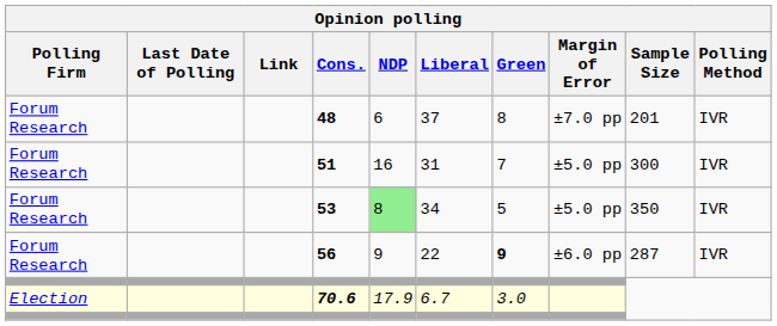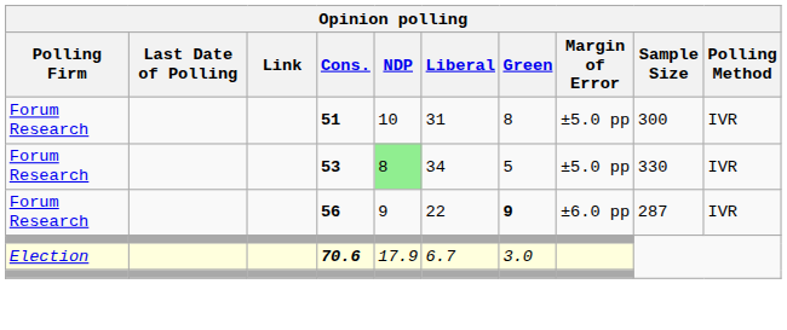 <table class="wikitable collapsible sortable collapsed">
 <tr style="background:#e9e9e9;">
 <th style="width:640px,;" colspan="10">Opinion polling</th>
 </tr>
 <tr style="background:#e9e9e9;">
 <th style="width:110px">Polling Firm</th>
 <th style="width:110px">Last Date<br>of Polling</th>
 <th style="width:60px" class="unsortable">Link</th>
 <th style="background-color:"><a href='#'>Cons.</a></th>
 <th style="background-color:"><a href='#'>NDP</a></th>
 <th style="background-color:"><a href='#'>Liberal</a></th>
 <th style="background-color:"><a href='#'>Green</a></th>
 <th style="width:60px;" class=unsortable>Margin<br>of Error</th>
 <th style="width:50px;" class=unsortable>Sample<br>Size</th>
 <th class=unsortable>Polling Method</th>
 </tr>
 <tr>
 <td><a href='#'>Forum Research</a></td>
 <td></td>
 <td></td>
-<td><strong>48</strong></td>
-<td>6</td>
-<td>37</td>
+<td><strong>51</strong></td>
+<td>10</td>
+<td>31</td>
 <td>8</td>
-<td>±7.0 pp</td>
-<td>201</td>
-<td>IVR</td>
-</tr>
-<tr>
-<td><a href='#'>Forum Research</a></td>
-<td></td>
-<td></td>
-<td><strong>51</strong></td>
-<td>16</td>
-<td>31</td>
-<td>7</td>
 <td>±5.0 pp</td>
 <td>300</td>
 <td>IVR</td>
 </tr>
 <tr>
 <td><a href='#'>Forum Research</a></td>
 <td></td>
 <td></td>
 <td><strong>53</strong></td>
 <td style="background: lightgreen;">8</td>
 <td>34</td>
 <td>5</td>
 <td>±5.0 pp</td>
-<td>350</td>
+<td>330</td>
 <td>IVR</td>
 </tr>
 <tr>
 <td><a href='#'>Forum Research</a></td>
 <td></td>
 <td></td>
 <td><strong>56</strong></td>
 <td>9</td>
 <td>22</td>
 <td><strong>9</strong></td>
 <td>±6.0 pp</td>
 <td>287</td>
 <td>IVR</td>
 </tr>
 <tr style="background:Darkgrey;">
 <td></td>
 <td></td>
 <td></td>
 <td></td>
 <td></td>
 <td></td>
 <td></td>
 <td></td>
 </tr>
 <tr>
 <td style="background:#ffd;"><em><a href='#'>Election</a></em></td>
 <td style="background:#ffd;"></td>
 <td style="background:#ffd;"></td>
 <td style="background:#ffd;"><strong><em>70.6</em></strong></td>
 <td style="background:#ffd;"><em>17.9</em></td>
 <td style="background:#ffd;"><em>6.7</em></td>
 <td style="background:#ffd;"><em>3.0</em></td>
 <td style="background:#ffd;"></td>
 </tr>
 <tr style="background:Darkgrey;">
 <td></td>
 <td></td>
 <td></td>
 <td></td>
 <td></td>
 <td></td>
 <td></td>
 <td></td>
 </tr>
 </table>
